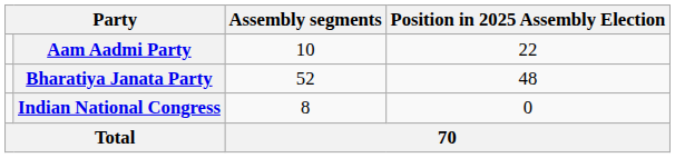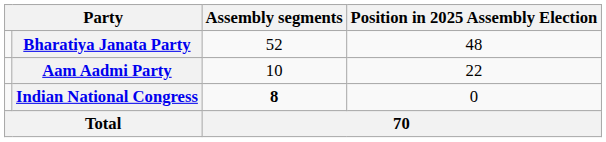 <table class="wikitable" style="text-align:center">
 <tr>
 <th colspan=2>Party</th>
 <th>Assembly segments</th>
 <th>Position in 2025 Assembly Election</th>
+</tr>
+<tr>
+<td></td>
+<th><a href='#'>Bharatiya Janata Party</a></th>
+<td>52</td>
+<td>48</td>
 </tr>
 <tr>
 <td></td>
 <th><a href='#'>Aam Aadmi Party</a></th>
 <td>10</td>
 <td>22</td>
 </tr>
 <tr>
 <td></td>
-<th><a href='#'>Bharatiya Janata Party</a></th>
-<td>52</td>
-<td>48</td>
-</tr>
-<tr>
-<td></td>
 <th><a href='#'>Indian National Congress</a></th>
-<td>8</td>
+<td><strong>8</strong></td>
 <td>0</td>
 </tr>
 <tr>
 <th colspan=2>Total</th>
 <th colspan=2>70</th>
 </tr>
 </table>
